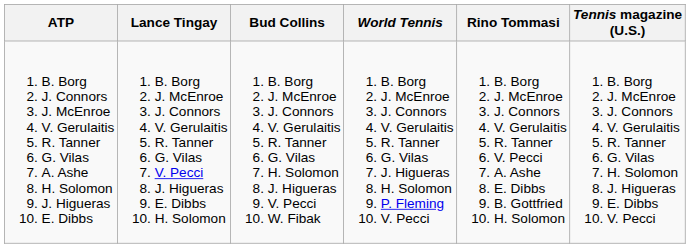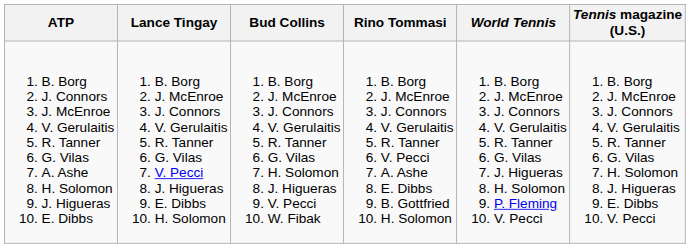 <table class="wikitable">
 <tr>
 <th>ATP</th>
 <th>Lance Tingay</th>
 <th>Bud Collins</th>
+<th>Rino Tommasi</th>
 <th><em>World Tennis</em></th>
-<th>Rino Tommasi</th>
 <th><em>Tennis</em> magazine<br> (U.S.)</th>
 </tr>
 <tr style="vertical-align: top;">
 <td style="white-space: nowrap;"><br><ol><li> B. Borg</li><li> J. Connors</li><li> J. McEnroe</li><li> V. Gerulaitis</li><li> R. Tanner</li><li> G. Vilas</li><li> A. Ashe</li><li> H. Solomon</li><li> J. Higueras</li><li> E. Dibbs</li></ol></td>
 <td style="white-space: nowrap;"><br><ol><li> B. Borg</li><li> J. McEnroe</li><li> J. Connors</li><li> V. Gerulaitis</li><li> R. Tanner</li><li> G. Vilas</li><li> <a href='#'>V. Pecci</a></li><li> J. Higueras</li><li> E. Dibbs</li><li> H. Solomon</li></ol></td>
 <td style="white-space: nowrap;"><br><ol><li> B. Borg</li><li> J. McEnroe</li><li> J. Connors</li><li> V. Gerulaitis</li><li> R. Tanner</li><li> G. Vilas</li><li> H. Solomon</li><li> J. Higueras</li><li> V. Pecci</li><li> W. Fibak</li></ol></td>
+<td style="white-space: nowrap;"><br><ol><li> B. Borg</li><li> J. McEnroe</li><li> J. Connors</li><li> V. Gerulaitis</li><li> R. Tanner</li><li> V. Pecci</li><li> A. Ashe</li><li> E. Dibbs</li><li> B. Gottfried</li><li> H. Solomon</li></ol></td>
 <td style="white-space: nowrap;"><br><ol><li> B. Borg</li><li> J. McEnroe</li><li> J. Connors</li><li> V. Gerulaitis</li><li> R. Tanner</li><li> G. Vilas</li><li> J. Higueras</li><li> H. Solomon</li><li> <a href='#'>P. Fleming</a></li><li> V. Pecci</li></ol></td>
-<td style="white-space: nowrap;"><br><ol><li> B. Borg</li><li> J. McEnroe</li><li> J. Connors</li><li> V. Gerulaitis</li><li> R. Tanner</li><li> V. Pecci</li><li> A. Ashe</li><li> E. Dibbs</li><li> B. Gottfried</li><li> H. Solomon</li></ol></td>
 <td style="white-space: nowrap;"><br><ol><li> B. Borg</li><li> J. McEnroe</li><li> J. Connors</li><li> V. Gerulaitis</li><li> R. Tanner</li><li> G. Vilas</li><li> H. Solomon</li><li> J. Higueras</li><li> E. Dibbs</li><li> V. Pecci</li></ol></td>
 </tr>
 </table>
